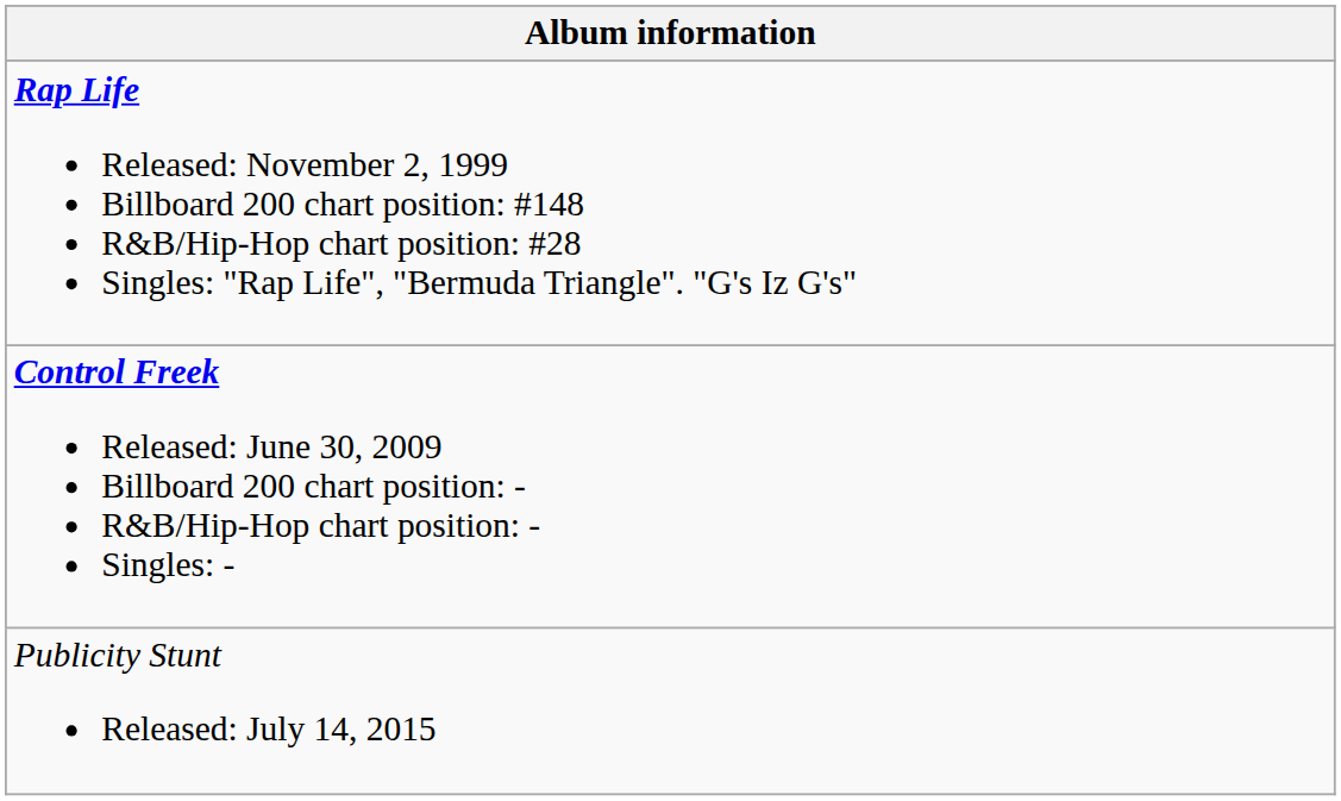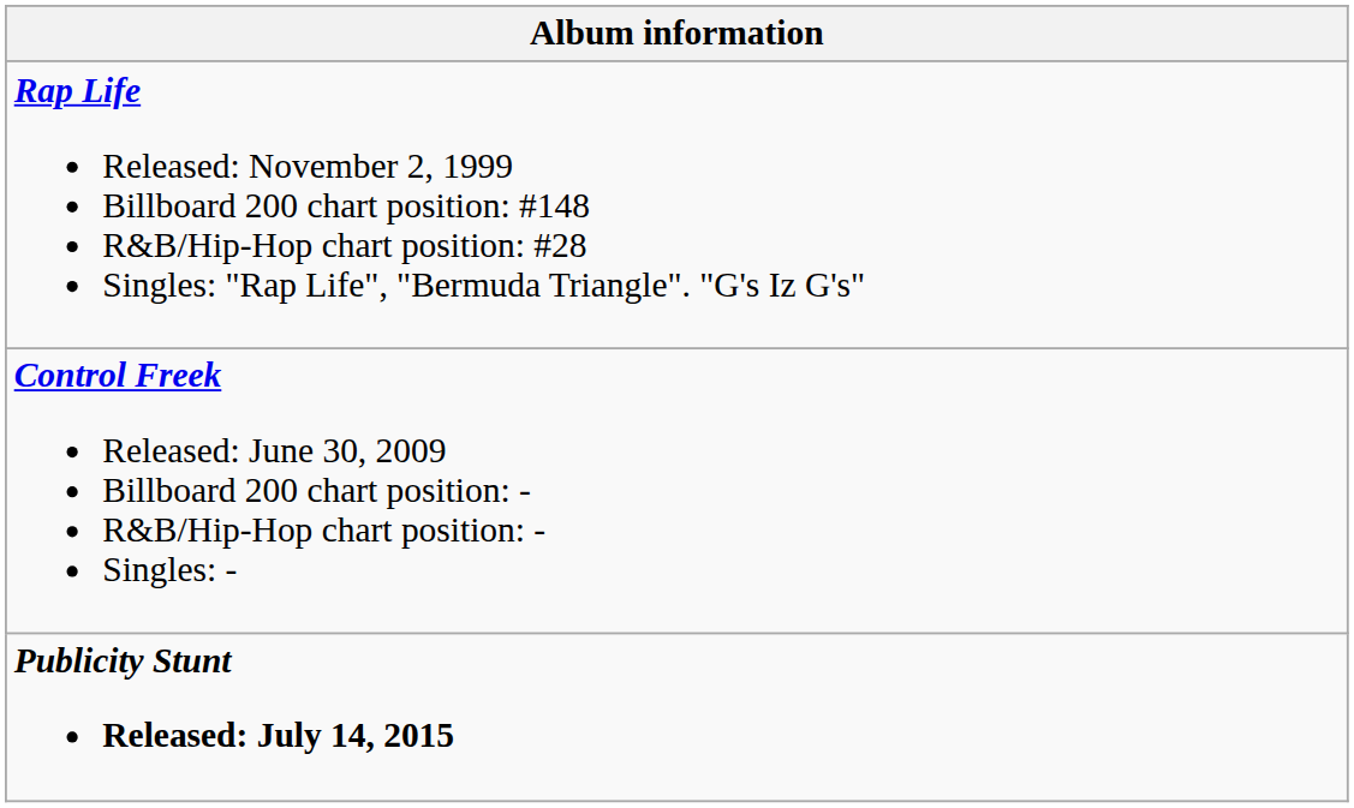 <table class="wikitable">
 <tr>
 <th align="left" width="650">Album information</th>
 </tr>
 <tr>
 <td align="left"><strong><em><a href='#'>Rap Life</a></em></strong><br><ul><li>Released: November 2, 1999</li><li>Billboard 200 chart position: #148</li><li>R&B/Hip-Hop chart position: #28</li><li>Singles: "Rap Life", "Bermuda Triangle". "G's Iz G's"</li></ul></td>
 </tr>
 <tr>
 <td align="left"><strong><em><a href='#'>Control Freek</a></em></strong><br><ul><li>Released: June 30, 2009</li><li>Billboard 200 chart position: -</li><li>R&B/Hip-Hop chart position: -</li><li>Singles: -</li></ul></td>
 </tr>
 <tr>
-<td><em>Publicity Stunt</em><br><ul><li>Released: July 14, 2015</li></ul></td>
+<td><strong><em>Publicity Stunt</em><br><ul><li>Released: July 14, 2015</li></ul></strong></td>
 </tr>
 </table>
